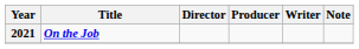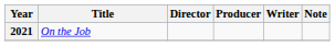 <table class="wikitable sortable">
 <tr style="background:#b0c4de; text-align:center;">
 <th style="width:40px;">Year</th>
 <th style="width:175px;">Title</th>
 <th style="width:30px;">Director</th>
 <th style="width:30px;">Producer</th>
 <th style="width:30px;">Writer</th>
 <th>Note</th>
 </tr>
 <tr>
 <th>2021</th>
-<td><strong><em><a href='#'>On the Job</a></em></strong></td>
+<td><em><a href='#'>On the Job</a></em></td>
 <td></td>
 <td></td>
 <td></td>
 <td></td>
 </tr>
 <tr>
 </tr>
 </table>
